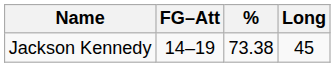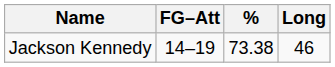 <table class="wikitable">
 <tr>
 <th>Name</th>
 <th>FG–Att</th>
 <th>%</th>
 <th>Long</th>
 </tr>
 <tr>
 <td>Jackson Kennedy</td>
 <td align=center>14–19</td>
 <td align=center>73.38</td>
-<td align=center>45</td>
+<td align=center>46</td>
 </tr>
 </table>
